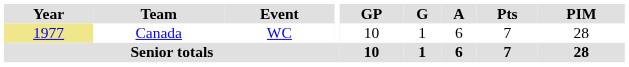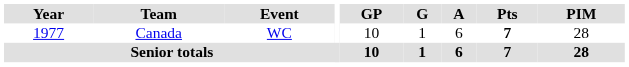 <table border="0" cellpadding="1" cellspacing="0" ID="Table3" style="text-align:center; width:40em">
 <tr bgcolor="#e0e0e0">
 <th>Year</th>
 <th>Team</th>
 <th>Event</th>
 <th rowspan="102" bgcolor="#ffffff"></th>
 <th>GP</th>
 <th>G</th>
 <th>A</th>
 <th>Pts</th>
 <th>PIM</th>
 </tr>
 <tr>
-<td style="background: khaki;"><a href='#'>1977</a></td>
+<td><a href='#'>1977</a></td>
 <td><a href='#'>Canada</a></td>
 <td><a href='#'>WC</a></td>
 <td>10</td>
 <td>1</td>
 <td>6</td>
-<td>7</td>
+<td><strong>7</strong></td>
 <td>28</td>
 </tr>
 <tr bgcolor="#e0e0e0">
 <th colspan="4">Senior totals</th>
 <th>10</th>
 <th>1</th>
 <th>6</th>
 <th>7</th>
 <th>28</th>
 </tr>
 </table>
